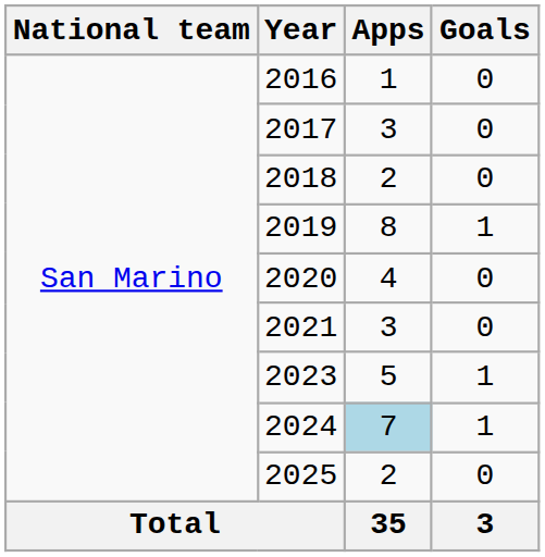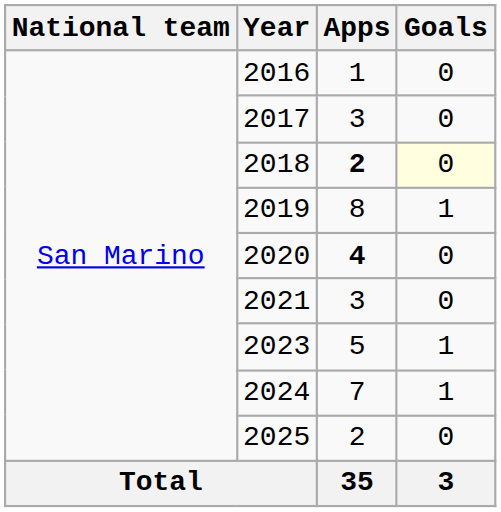 <table class=wikitable style="text-align: center">
 <tr>
 <th>National team</th>
 <th>Year</th>
 <th>Apps</th>
 <th>Goals</th>
 </tr>
 <tr>
 <td rowspan="9"><a href='#'>San Marino</a></td>
 <td>2016</td>
 <td>1</td>
 <td>0</td>
 </tr>
 <tr>
 <td>2017</td>
 <td>3</td>
 <td>0</td>
 </tr>
 <tr>
 <td>2018</td>
-<td>2</td>
-<td>0</td>
+<td><strong>2</strong></td>
+<td style="background: lightyellow;">0</td>
 </tr>
 <tr>
 <td>2019</td>
 <td>8</td>
 <td>1</td>
 </tr>
 <tr>
 <td>2020</td>
-<td>4</td>
+<td><strong>4</strong></td>
 <td>0</td>
 </tr>
 <tr>
 <td>2021</td>
 <td>3</td>
 <td>0</td>
 </tr>
 <tr>
 <td>2023</td>
 <td>5</td>
 <td>1</td>
 </tr>
 <tr>
 <td>2024</td>
-<td style="background: lightblue;">7</td>
+<td>7</td>
 <td>1</td>
 </tr>
 <tr>
 <td>2025</td>
 <td>2</td>
 <td>0</td>
 </tr>
 <tr>
 <th colspan=2>Total</th>
 <th>35</th>
 <th>3</th>
 </tr>
 </table>
